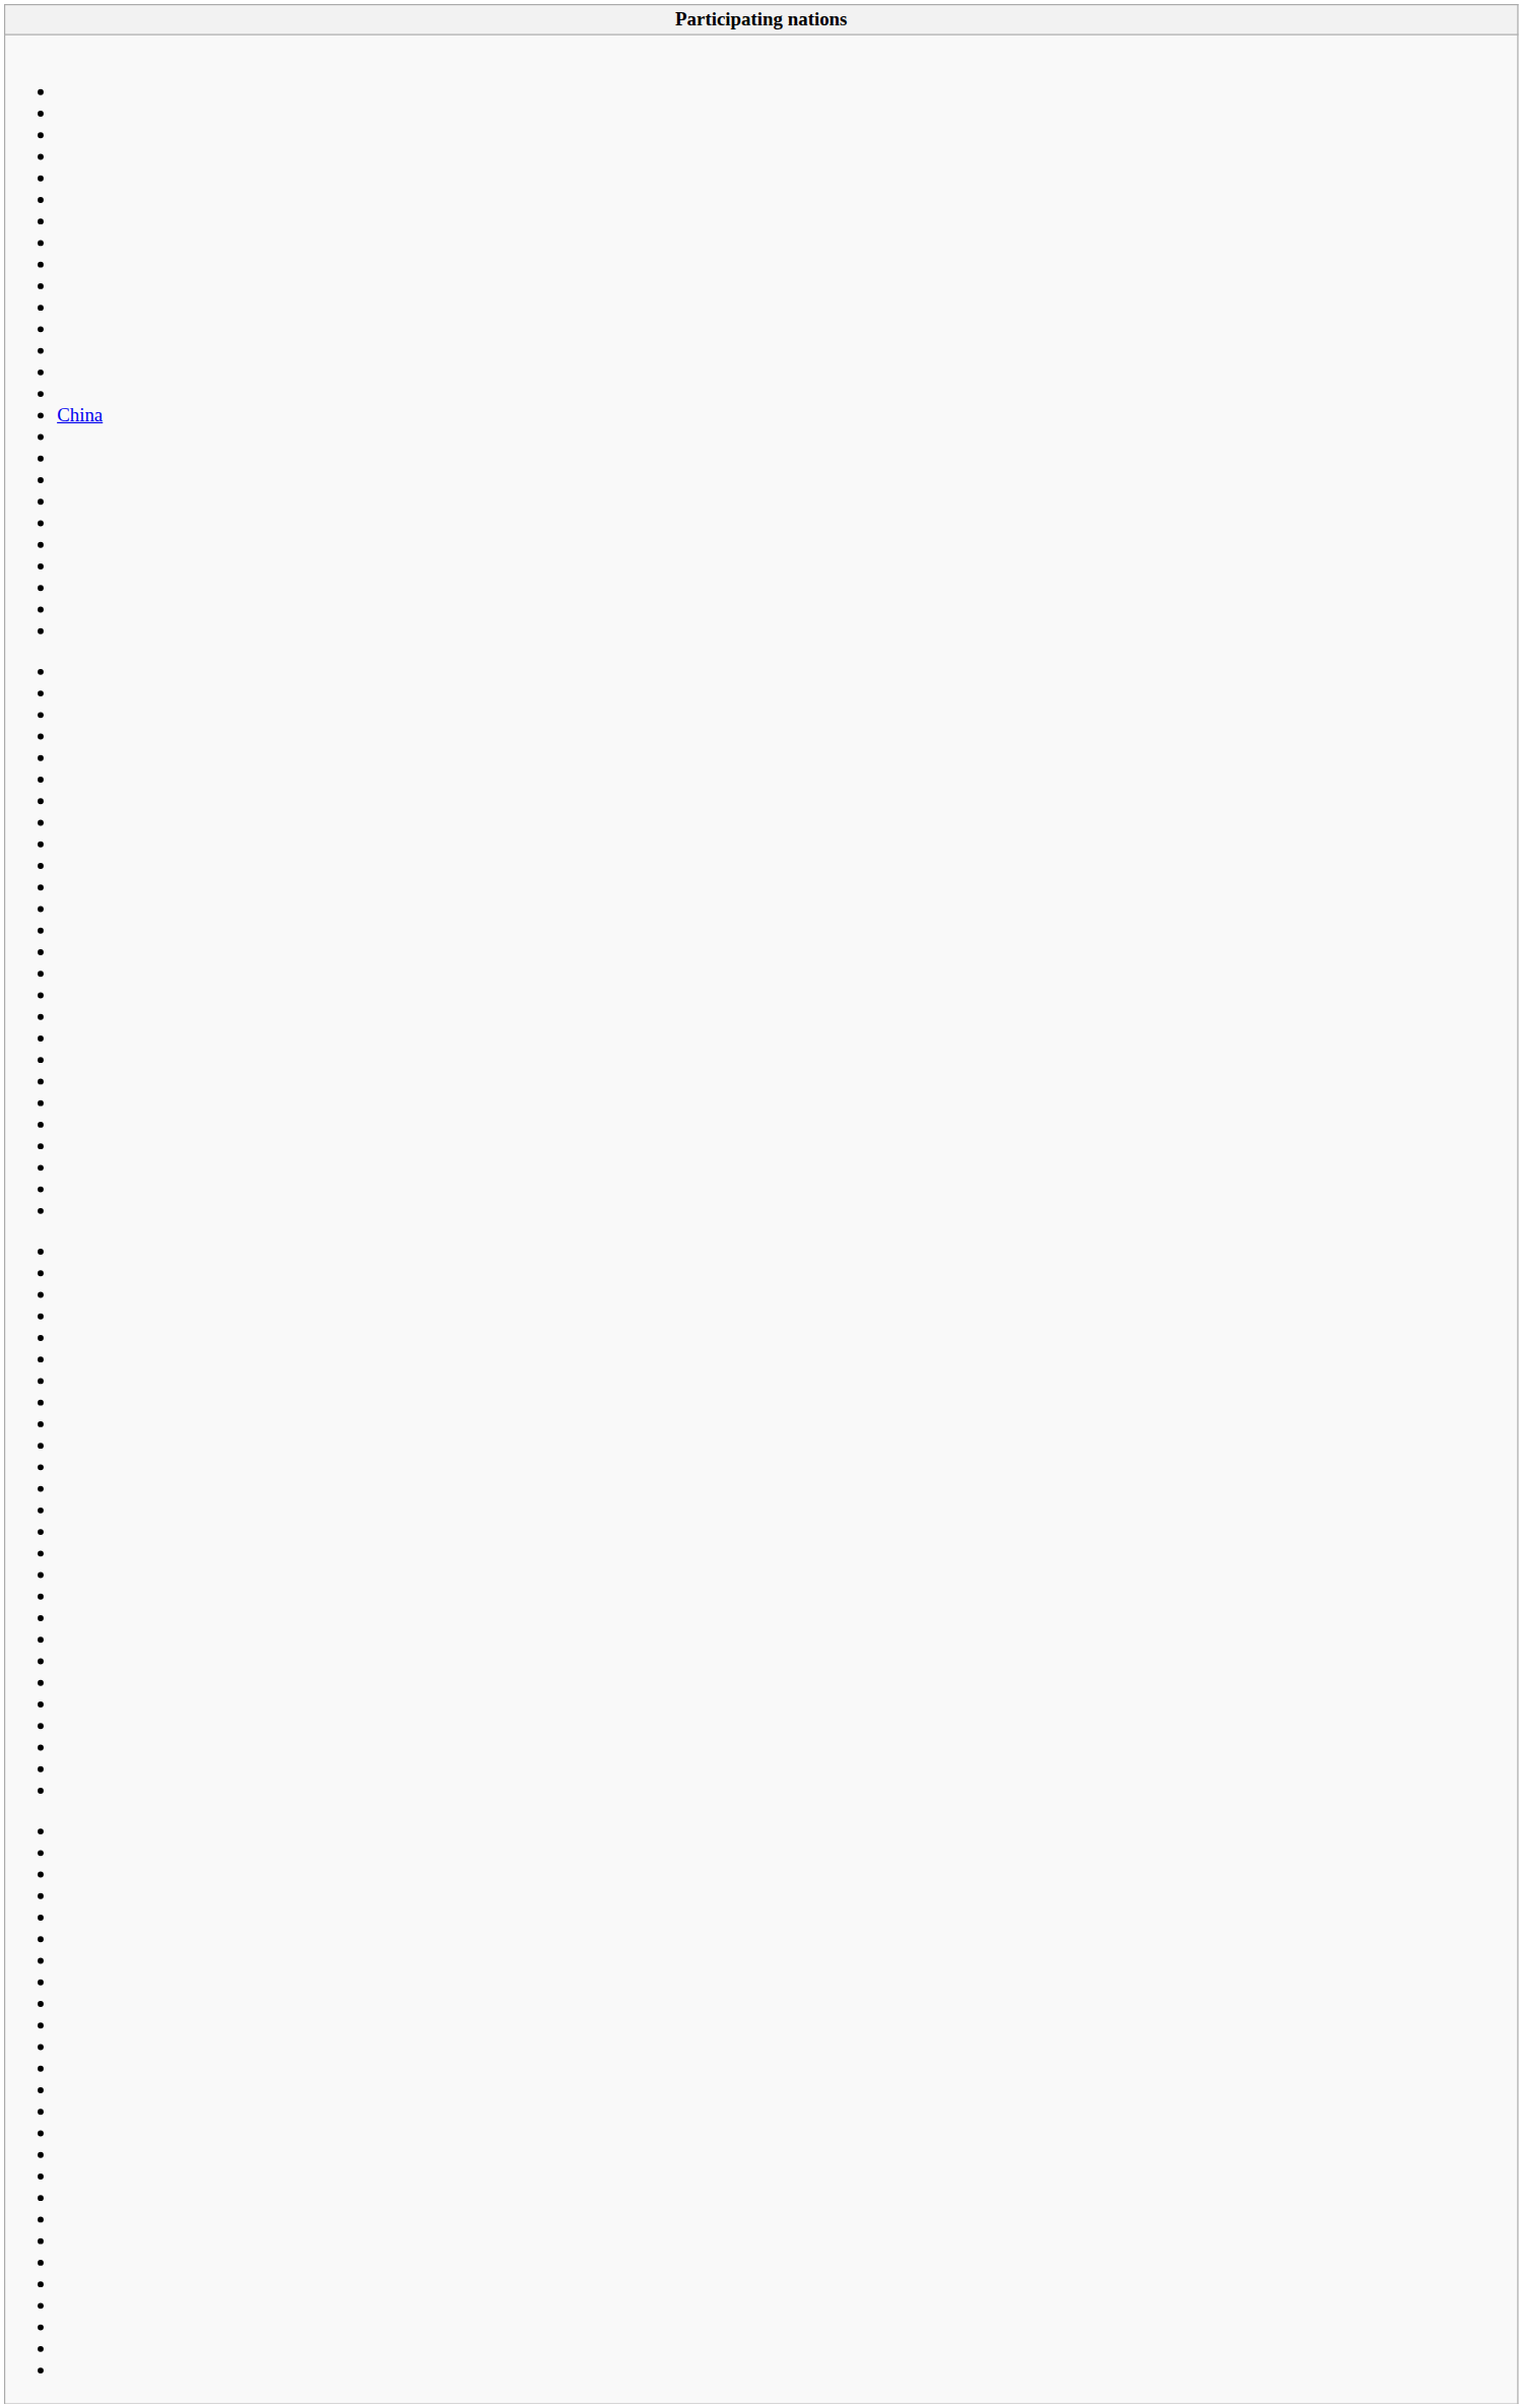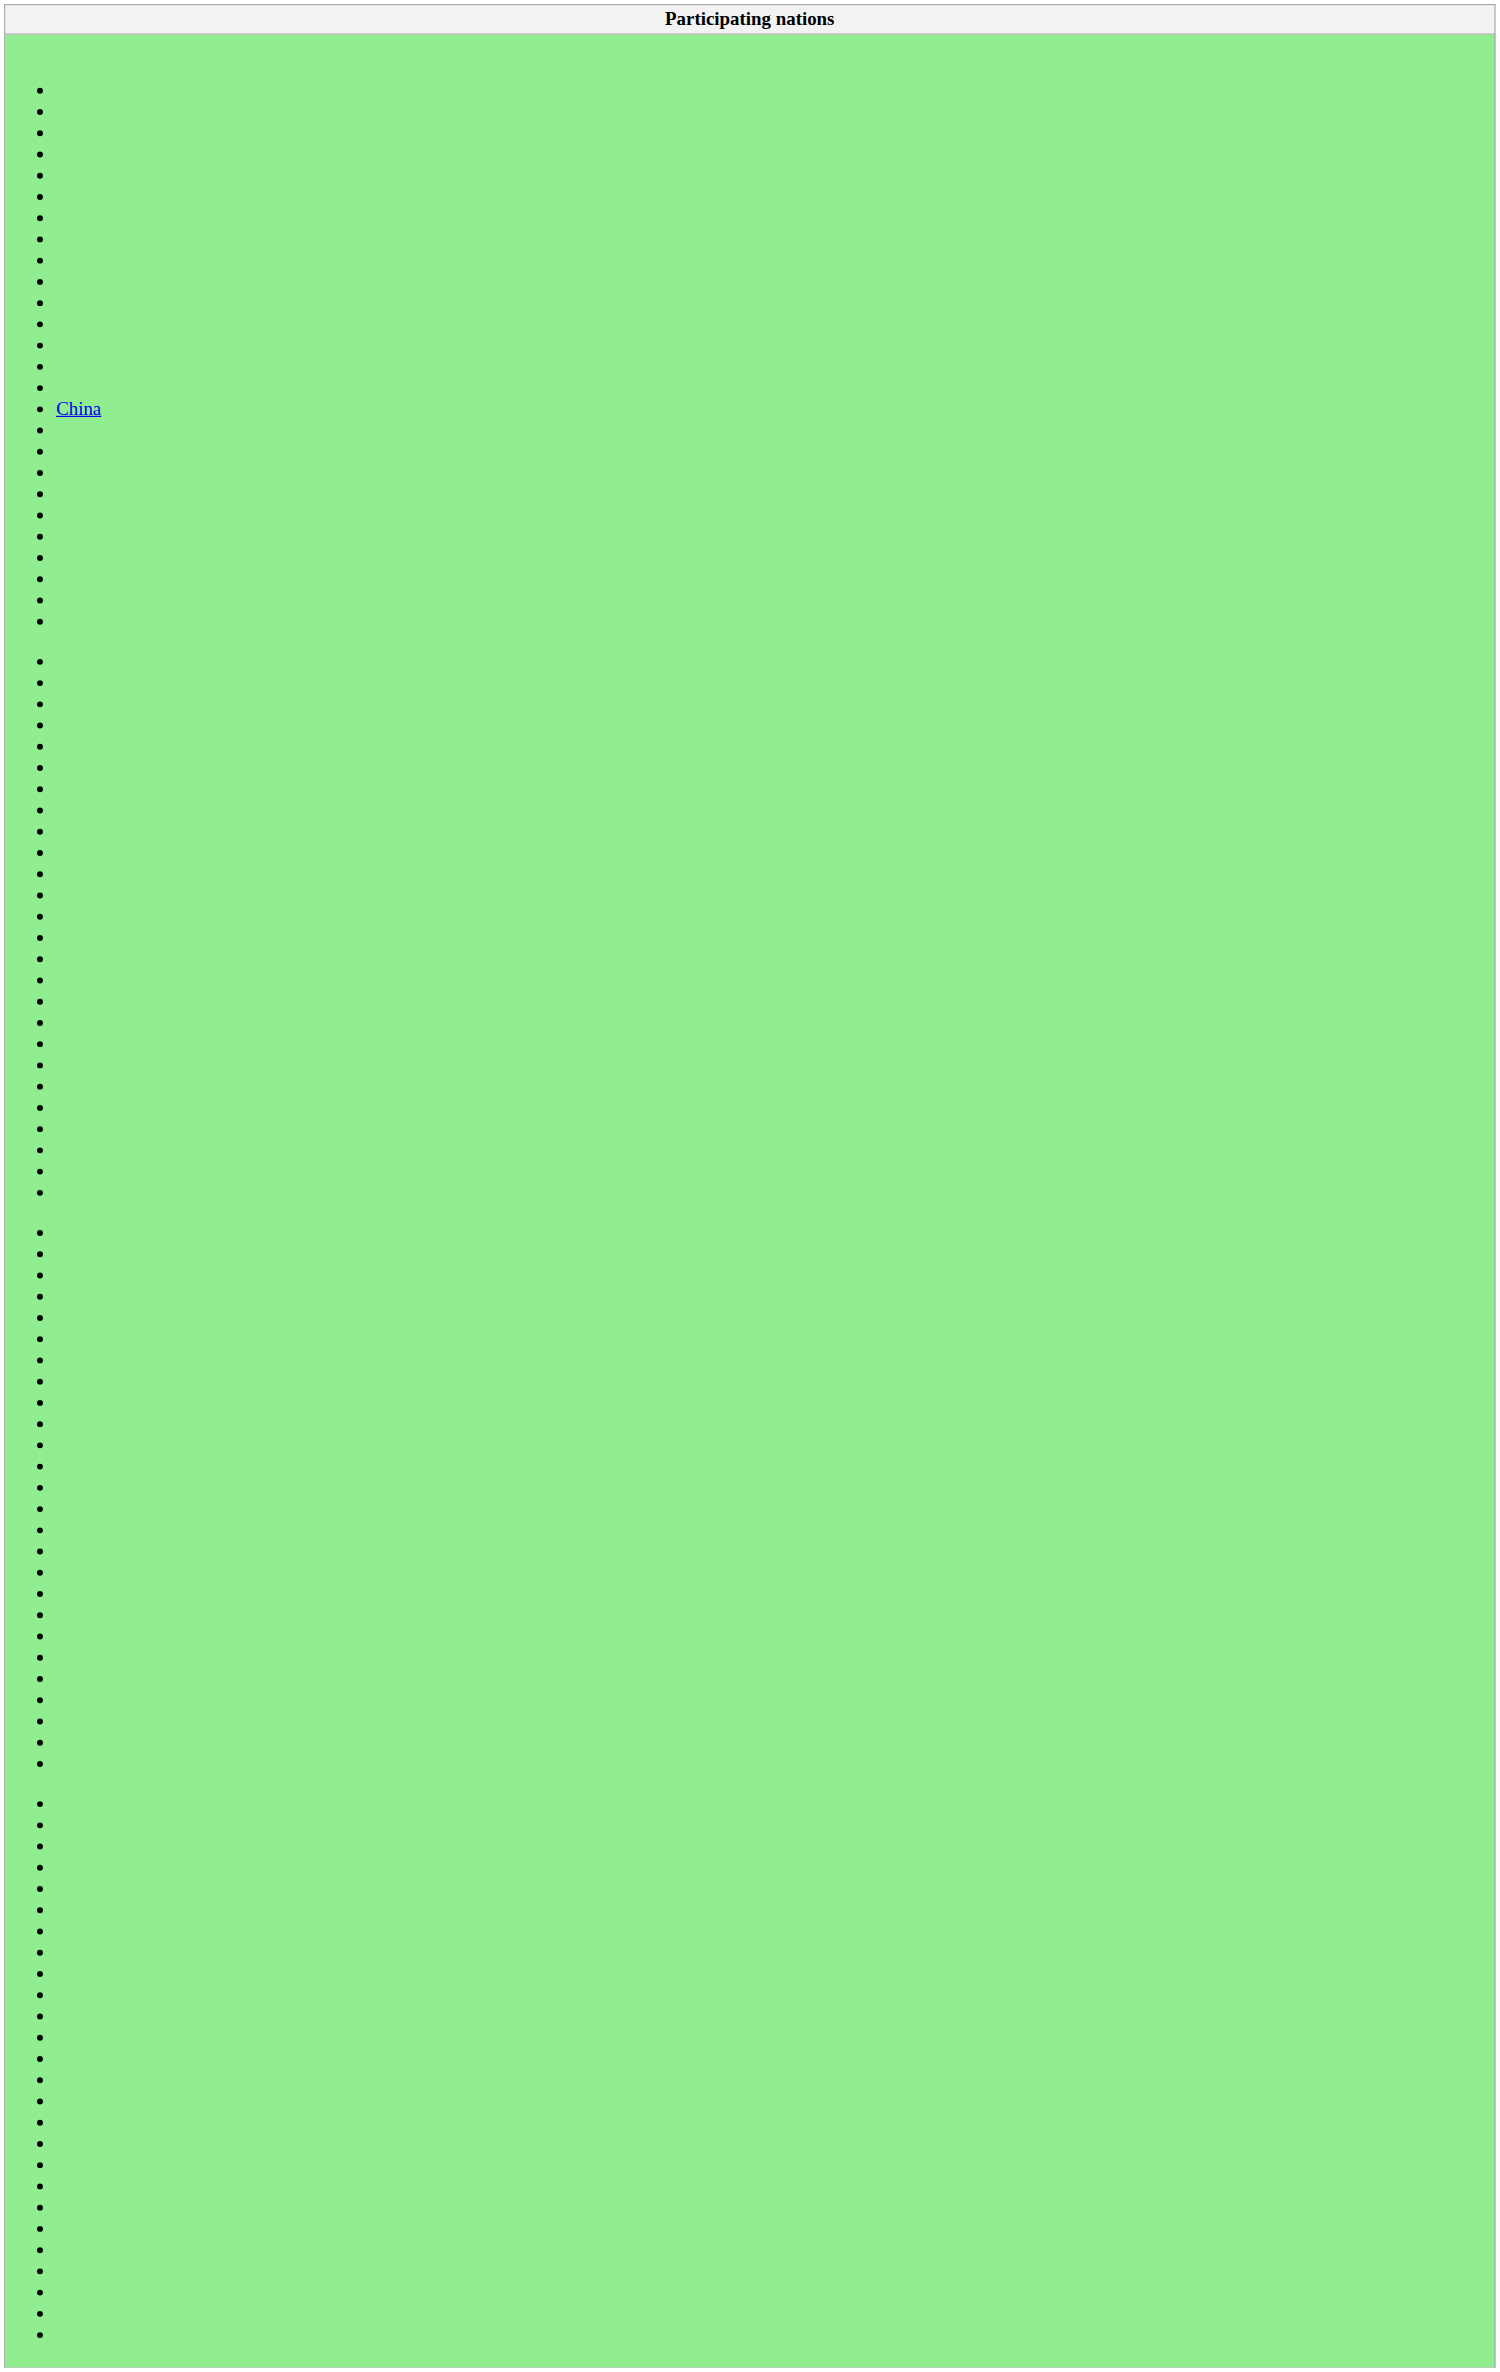 <table class="wikitable" style="width:100%;">
 <tr>
 <th>Participating nations</th>
 </tr>
 <tr>
-<td><br> <ul><li></li><li></li><li></li><li></li><li></li><li></li><li></li><li></li><li></li><li></li><li></li><li></li><li></li><li></li><li></li><li> <a href='#'>China</a></li><li></li><li></li><li></li><li></li><li></li><li></li><li></li><li></li><li></li><li></li></ul><ul><li></li><li></li><li></li><li></li><li></li><li></li><li></li><li></li><li></li><li></li><li></li><li></li><li></li><li></li><li></li><li></li><li></li><li></li><li></li><li></li><li></li><li></li><li></li><li></li><li></li><li></li></ul><ul><li></li><li></li><li></li><li></li><li></li><li></li><li></li><li></li><li></li><li></li><li></li><li></li><li></li><li></li><li></li><li></li><li></li><li></li><li></li><li></li><li></li><li></li><li></li><li></li><li></li><li></li></ul><ul><li></li><li></li><li></li><li></li><li></li><li></li><li></li><li></li><li></li><li></li><li></li><li></li><li></li><li></li><li></li><li></li><li></li><li></li><li></li><li></li><li></li><li></li><li></li><li></li><li></li><li></li></ul></td>
+<td style="background: lightgreen;"><br> <ul><li></li><li></li><li></li><li></li><li></li><li></li><li></li><li></li><li></li><li></li><li></li><li></li><li></li><li></li><li></li><li> <a href='#'>China</a></li><li></li><li></li><li></li><li></li><li></li><li></li><li></li><li></li><li></li><li></li></ul><ul><li></li><li></li><li></li><li></li><li></li><li></li><li></li><li></li><li></li><li></li><li></li><li></li><li></li><li></li><li></li><li></li><li></li><li></li><li></li><li></li><li></li><li></li><li></li><li></li><li></li><li></li></ul><ul><li></li><li></li><li></li><li></li><li></li><li></li><li></li><li></li><li></li><li></li><li></li><li></li><li></li><li></li><li></li><li></li><li></li><li></li><li></li><li></li><li></li><li></li><li></li><li></li><li></li><li></li></ul><ul><li></li><li></li><li></li><li></li><li></li><li></li><li></li><li></li><li></li><li></li><li></li><li></li><li></li><li></li><li></li><li></li><li></li><li></li><li></li><li></li><li></li><li></li><li></li><li></li><li></li><li></li></ul></td>
 </tr>
 </table>
